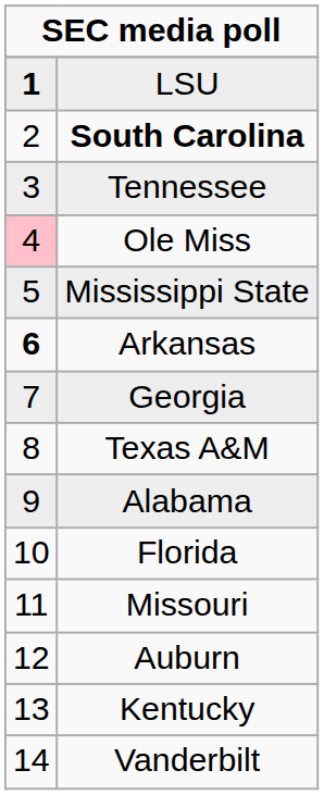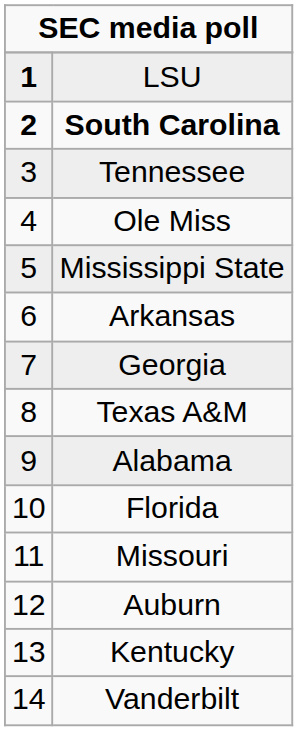 <table class="wikitable" style="display: inline-table;">
 <tr>
 <td align="center" Colspan="3"><strong>SEC media poll</strong></td>
 </tr>
 <tr align="center">
 </tr>
 <tr align="center" style="background:#eeeeee;">
 <td><strong>1</strong></td>
 <td>LSU</td>
 </tr>
 <tr align="center">
-<td>2</td>
+<td><strong>2</strong></td>
 <td><strong>South Carolina</strong></td>
 </tr>
 <tr align="center" style="background:#eeeeee;">
 <td>3</td>
 <td>Tennessee</td>
 </tr>
 <tr align="center">
-<td style="background: pink;">4</td>
+<td>4</td>
 <td>Ole Miss</td>
 </tr>
 <tr align="center" style="background:#eeeeee;">
 <td>5</td>
 <td>Mississippi State</td>
 </tr>
 <tr align="center">
-<td><strong>6</strong></td>
+<td>6</td>
 <td>Arkansas</td>
 </tr>
 <tr align="center" style="background:#eeeeee;">
 <td>7</td>
 <td>Georgia</td>
 </tr>
 <tr align="center">
 <td>8</td>
 <td>Texas A&M</td>
 </tr>
 <tr align="center" style="background:#eeeeee;">
 <td>9</td>
 <td>Alabama</td>
 </tr>
 <tr align="center">
 <td>10</td>
 <td>Florida</td>
 </tr>
 <tr align="center">
 <td>11</td>
 <td>Missouri</td>
 </tr>
 <tr align="center">
 <td>12</td>
 <td>Auburn</td>
 </tr>
 <tr align="center">
 <td>13</td>
 <td>Kentucky</td>
 </tr>
 <tr align="center">
 <td>14</td>
 <td>Vanderbilt</td>
 </tr>
 </table>
